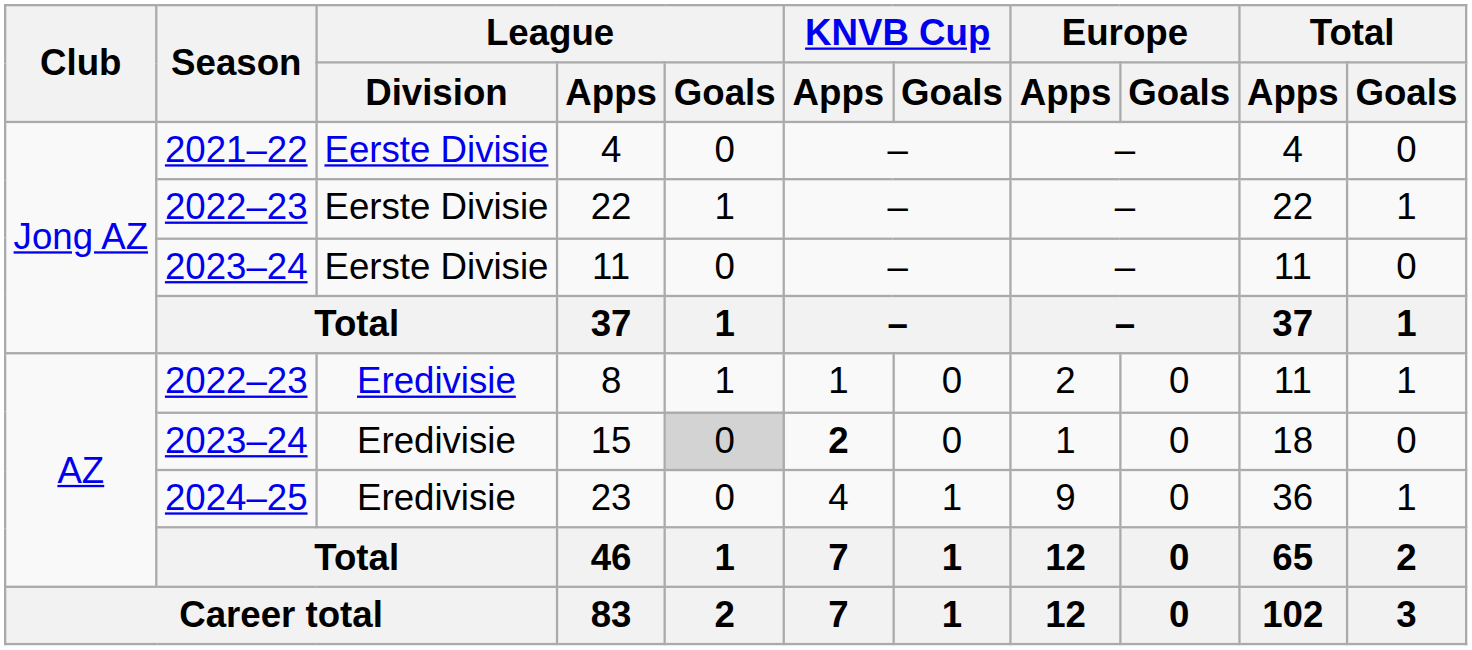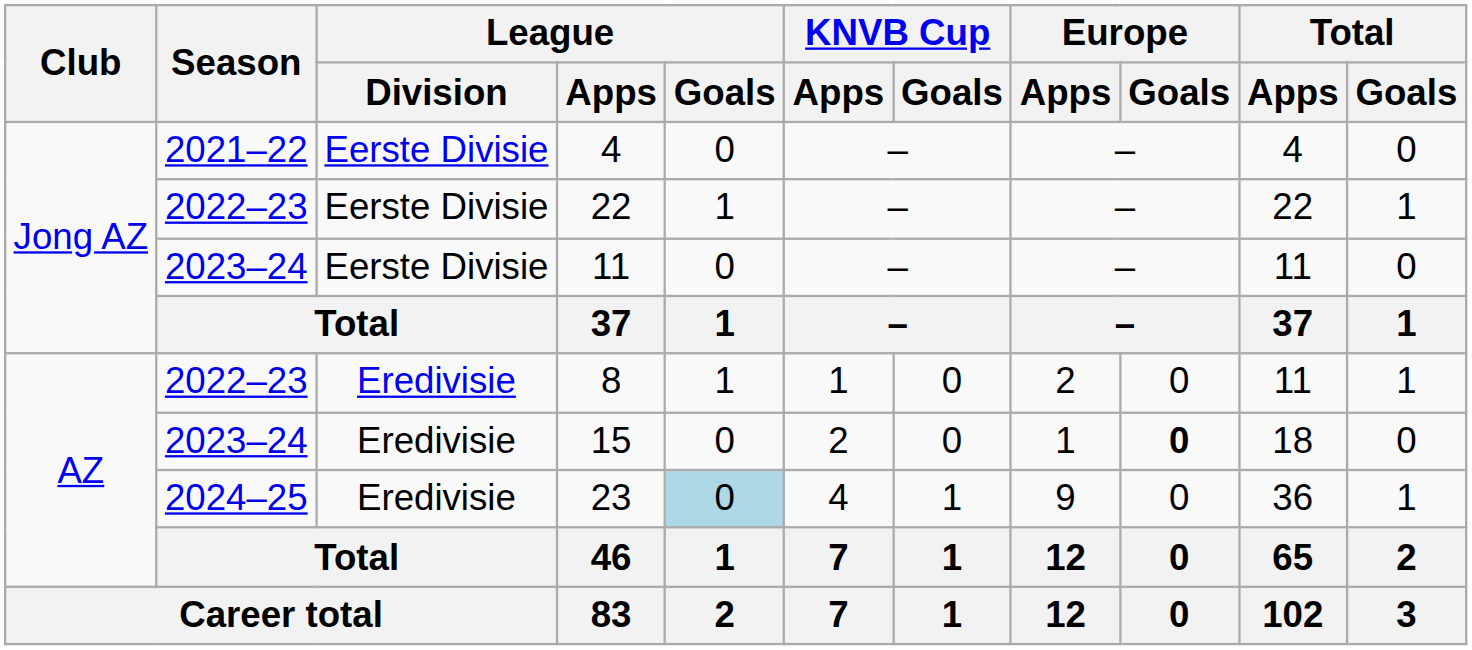 <table class="wikitable" style="text-align: center">
 <tr>
 <th rowspan="2">Club</th>
 <th rowspan="2">Season</th>
 <th colspan="3">League</th>
 <th colspan="2"><a href='#'>KNVB Cup</a></th>
 <th colspan="2">Europe</th>
 <th colspan="2">Total</th>
 </tr>
 <tr>
 <th>Division</th>
 <th>Apps</th>
 <th>Goals</th>
 <th>Apps</th>
 <th>Goals</th>
 <th>Apps</th>
 <th>Goals</th>
 <th>Apps</th>
 <th>Goals</th>
 </tr>
 <tr>
 <td rowspan="4"><a href='#'>Jong AZ</a></td>
 <td><a href='#'>2021–22</a></td>
 <td><a href='#'>Eerste Divisie</a></td>
 <td>4</td>
 <td>0</td>
 <td colspan="2">–</td>
 <td colspan="2">–</td>
 <td>4</td>
 <td>0</td>
 </tr>
 <tr>
 <td><a href='#'>2022–23</a></td>
 <td>Eerste Divisie</td>
 <td>22</td>
 <td>1</td>
 <td colspan="2">–</td>
 <td colspan="2">–</td>
 <td>22</td>
 <td>1</td>
 </tr>
 <tr>
 <td><a href='#'>2023–24</a></td>
 <td>Eerste Divisie</td>
 <td>11</td>
 <td>0</td>
 <td colspan="2">–</td>
 <td colspan="2">–</td>
 <td>11</td>
 <td>0</td>
 </tr>
 <tr>
 <th colspan="2">Total</th>
 <th>37</th>
 <th>1</th>
 <th colspan="2">–</th>
 <th colspan="2">–</th>
 <th>37</th>
 <th>1</th>
 </tr>
 <tr>
 <td rowspan="4"><a href='#'>AZ</a></td>
 <td><a href='#'>2022–23</a></td>
 <td><a href='#'>Eredivisie</a></td>
 <td>8</td>
 <td>1</td>
 <td>1</td>
 <td>0</td>
 <td>2</td>
 <td>0</td>
 <td>11</td>
 <td>1</td>
 </tr>
 <tr>
 <td><a href='#'>2023–24</a></td>
 <td>Eredivisie</td>
 <td>15</td>
-<td style="background: lightgrey;">0</td>
-<td><strong>2</strong></td>
+<td>0</td>
+<td>2</td>
 <td>0</td>
 <td>1</td>
-<td>0</td>
+<td><strong>0</strong></td>
 <td>18</td>
 <td>0</td>
 </tr>
 <tr>
 <td><a href='#'>2024–25</a></td>
 <td>Eredivisie</td>
 <td>23</td>
-<td>0</td>
+<td style="background: lightblue;">0</td>
 <td>4</td>
 <td>1</td>
 <td>9</td>
 <td>0</td>
 <td>36</td>
 <td>1</td>
 </tr>
 <tr>
 <th colspan="2">Total</th>
 <th>46</th>
 <th>1</th>
 <th>7</th>
 <th>1</th>
 <th>12</th>
 <th>0</th>
 <th>65</th>
 <th>2</th>
 </tr>
 <tr>
 <th colspan="3">Career total</th>
 <th>83</th>
 <th>2</th>
 <th>7</th>
 <th>1</th>
 <th>12</th>
 <th>0</th>
 <th>102</th>
 <th>3</th>
 </tr>
 </table>
